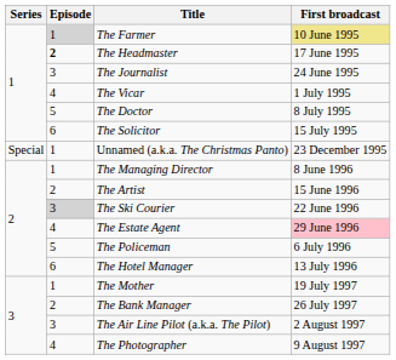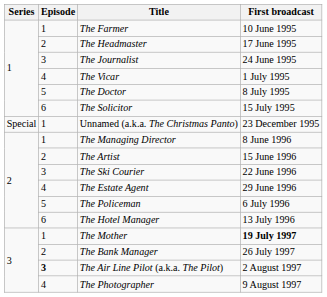 <table class="wikitable">
 <tr>
 <th>Series</th>
 <th>Episode</th>
 <th>Title</th>
 <th>First broadcast</th>
 </tr>
 <tr>
 <td rowspan="6">1</td>
-<td style="background: lightgrey;">1</td>
+<td>1</td>
 <td><em>The Farmer</em></td>
-<td style="background: khaki;">10 June 1995</td>
+<td>10 June 1995</td>
 </tr>
 <tr>
-<td><strong>2</strong></td>
+<td>2</td>
 <td><em>The Headmaster</em></td>
 <td>17 June 1995</td>
 </tr>
 <tr>
 <td>3</td>
 <td><em>The Journalist</em></td>
 <td>24 June 1995</td>
 </tr>
 <tr>
 <td>4</td>
 <td><em>The Vicar</em></td>
 <td>1 July 1995</td>
 </tr>
 <tr>
 <td>5</td>
 <td><em>The Doctor</em></td>
 <td>8 July 1995</td>
 </tr>
 <tr>
 <td>6</td>
 <td><em>The Solicitor</em></td>
 <td>15 July 1995</td>
 </tr>
 <tr>
 <td>Special</td>
 <td>1</td>
 <td>Unnamed (a.k.a. <em>The Christmas Panto</em>)</td>
 <td>23 December 1995</td>
 </tr>
 <tr>
 <td rowspan="6">2</td>
 <td>1</td>
 <td><em>The Managing Director</em></td>
 <td>8 June 1996</td>
 </tr>
 <tr>
 <td>2</td>
 <td><em>The Artist</em></td>
 <td>15 June 1996</td>
 </tr>
 <tr>
-<td style="background: lightgrey;">3</td>
+<td>3</td>
 <td><em>The Ski Courier</em></td>
 <td>22 June 1996</td>
 </tr>
 <tr>
 <td>4</td>
 <td><em>The Estate Agent</em></td>
-<td style="background: pink;">29 June 1996</td>
+<td>29 June 1996</td>
 </tr>
 <tr>
 <td>5</td>
 <td><em>The Policeman</em></td>
 <td>6 July 1996</td>
 </tr>
 <tr>
 <td>6</td>
 <td><em>The Hotel Manager</em></td>
 <td>13 July 1996</td>
 </tr>
 <tr>
 <td rowspan="4">3</td>
 <td>1</td>
 <td><em>The Mother</em></td>
-<td>19 July 1997</td>
+<td><strong>19 July 1997</strong></td>
 </tr>
 <tr>
 <td>2</td>
 <td><em>The Bank Manager</em></td>
 <td>26 July 1997</td>
 </tr>
 <tr>
-<td>3</td>
+<td><strong>3</strong></td>
 <td><em>The Air Line Pilot</em> (a.k.a. <em>The Pilot</em>)</td>
 <td>2 August 1997</td>
 </tr>
 <tr>
 <td>4</td>
 <td><em>The Photographer</em></td>
 <td>9 August 1997</td>
 </tr>
 </table>
